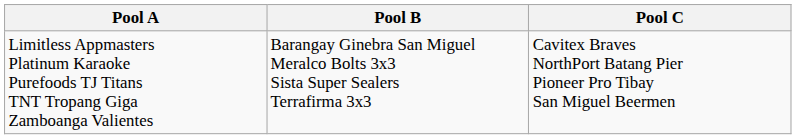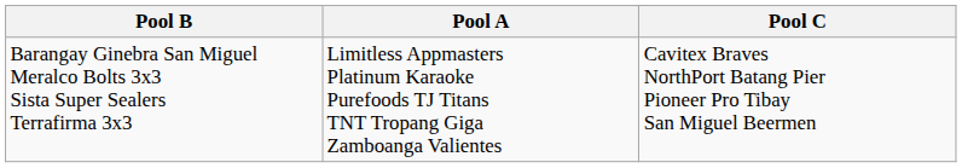 <table class=wikitable width=750>
 <tr>
+<th width=33%>Pool B</th>
 <th width=33%>Pool A</th>
-<th width=33%>Pool B</th>
 <th width=33%>Pool C</th>
 </tr>
 <tr valign=top>
+<td>Barangay Ginebra San Miguel <br> Meralco Bolts 3x3 <br> Sista Super Sealers <br> Terrafirma 3x3</td>
 <td>Limitless Appmasters <br> Platinum Karaoke <br> Purefoods TJ Titans <br> TNT Tropang Giga <br> Zamboanga Valientes</td>
-<td>Barangay Ginebra San Miguel <br> Meralco Bolts 3x3 <br> Sista Super Sealers <br> Terrafirma 3x3</td>
 <td>Cavitex Braves <br> NorthPort Batang Pier <br> Pioneer Pro Tibay <br> San Miguel Beermen</td>
 </tr>
 </table>
